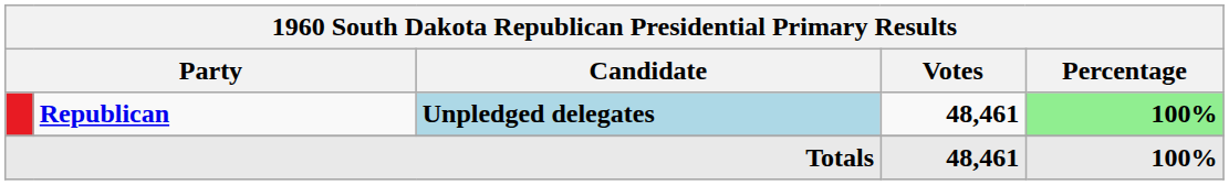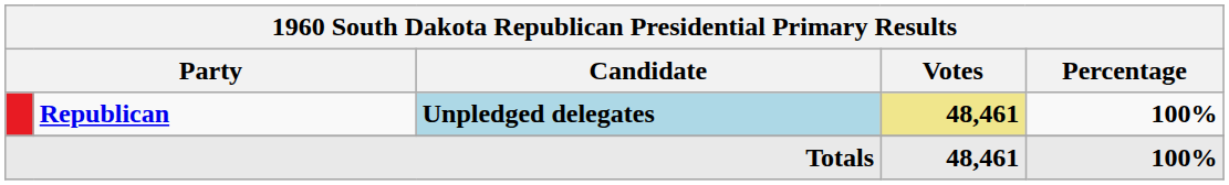 <table class="wikitable" style="font-size: 95%;">
 <tr>
 <th colspan="7">1960 South Dakota Republican Presidential Primary Results</th>
 </tr>
 <tr>
 <th colspan="2" style="width: 15em">Party</th>
 <th style="width: 17em">Candidate</th>
 <th style="width: 5em">Votes</th>
 <th style="width: 7em">Percentage</th>
 </tr>
 <tr>
 <th style="background-color:#E81B23; width: 3px"></th>
 <td style="width: 130px"><strong><a href='#'>Republican</a></strong></td>
 <td style="background: lightblue;"><strong>Unpledged delegates</strong></td>
-<td align="right"><strong>48,461</strong></td>
-<td align="right" style="background: lightgreen;"><strong>100%</strong></td>
+<td align="right" style="background: khaki;"><strong>48,461</strong></td>
+<td align="right"><strong>100%</strong></td>
 </tr>
 <tr>
 </tr>
 <tr bgcolor="#E9E9E9">
 <td colspan="3" align="right"><strong>Totals</strong></td>
 <td align="right"><strong>48,461</strong></td>
 <td align="right"><strong>100%</strong></td>
 </tr>
 </table>
